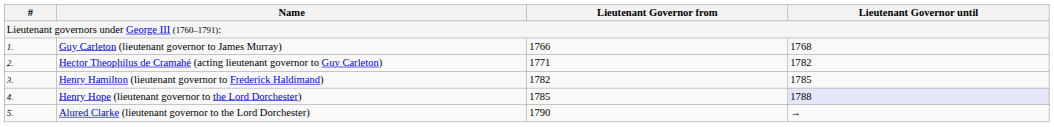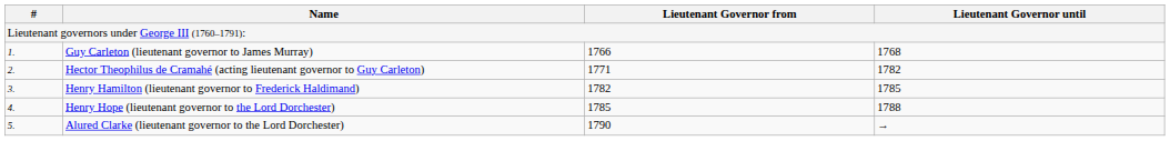 <table class="wikitable" style="width:100%">
 <tr>
 <th width="5%">#</th>
 <th width="45%">Name</th>
 <th width="25%">Lieutenant Governor from</th>
 <th width="25%">Lieutenant Governor until</th>
 </tr>
 <tr bgcolor="#F5F5F5">
 <td colspan="5" align="left"><span>Lieutenant governors under <a href='#'>George III</a> <small>(1760–1791)</small>:</span></td>
 </tr>
 <tr>
 <td><small><em>1.</em></small></td>
 <td><a href='#'>Guy Carleton</a>  (lieutenant governor to James Murray)</td>
 <td>1766</td>
 <td>1768</td>
 </tr>
 <tr>
 <td><small><em>2.</em></small></td>
 <td><a href='#'>Hector Theophilus de Cramahé</a> (acting lieutenant governor to <a href='#'>Guy Carleton</a>)</td>
 <td>1771</td>
 <td>1782</td>
 </tr>
 <tr>
 <td><small><em>3.</em></small></td>
 <td><a href='#'>Henry Hamilton</a> (lieutenant governor to <a href='#'>Frederick Haldimand</a>)</td>
 <td>1782</td>
 <td>1785</td>
 </tr>
 <tr>
 <td><small><em>4.</em></small></td>
 <td><a href='#'>Henry Hope</a> (lieutenant governor to <a href='#'>the Lord Dorchester</a>)</td>
 <td>1785</td>
-<td style="background: lavender;">1788</td>
+<td>1788</td>
 </tr>
 <tr>
 <td><small><em>5.</em></small></td>
 <td><a href='#'>Alured Clarke</a>  (lieutenant governor to the Lord Dorchester)</td>
 <td>1790</td>
 <td>→</td>
 </tr>
 </table>
